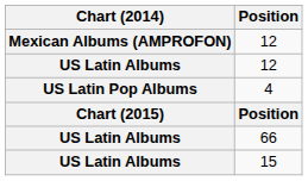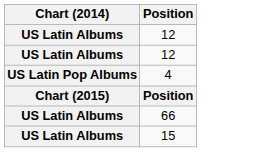 <table class="wikitable sortable plainrowheaders">
 <tr>
 <th scope="col">Chart (2014)</th>
 <th scope="col">Position</th>
 </tr>
 <tr>
-<th scope="row">Mexican Albums (AMPROFON)</th>
+<th scope="row">US Latin Albums</th>
 <td align="center">12</td>
 </tr>
 <tr>
 <th scope="row">US Latin Albums</th>
 <td style="text-align:center;">12</td>
 </tr>
 <tr>
 <th scope="row">US Latin Pop Albums</th>
 <td style="text-align:center;">4</td>
 </tr>
 <tr>
 <th scope="col">Chart (2015)</th>
 <th scope="col">Position</th>
 </tr>
 <tr>
 <th scope="row">US Latin Albums</th>
 <td style="text-align:center;">66</td>
 </tr>
 <tr>
 <th scope="row">US Latin Albums</th>
 <td style="text-align:center;">15</td>
 </tr>
 </table>
